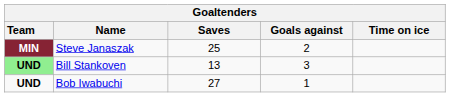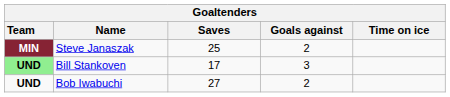 <table class="wikitable" style="width:40em; text-align:right;">
 <tr>
 <th colspan=5>Goaltenders</th>
 </tr>
 <tr>
 <th style="width:4em; text-align:left;">Team</th>
 <th style="width:10em;">Name</th>
 <th style="width:8em;">Saves</th>
 <th style="width:8em;">Goals against</th>
 <th style="width:8em;">Time on ice</th>
 </tr>
 <tr>
 <td align=center style="color:white; background:#862334; "><strong>MIN</strong></td>
 <td style="text-align:left;"><a href='#'>Steve Janaszak</a></td>
 <td align=center>25</td>
 <td align=center>2</td>
 <td align=center></td>
 </tr>
 <tr>
 <td align=center style="background: lightgreen;"><strong>UND</strong></td>
 <td style="text-align:left;"><a href='#'>Bill Stankoven</a></td>
-<td align=center>13</td>
+<td align=center>17</td>
 <td align=center>3</td>
 <td align=center></td>
 </tr>
 <tr>
 <td align=center><strong>UND</strong></td>
 <td style="text-align:left;"><a href='#'>Bob Iwabuchi</a></td>
 <td align=center>27</td>
-<td align=center>1</td>
+<td align=center>2</td>
 <td align=center></td>
 </tr>
 </table>
